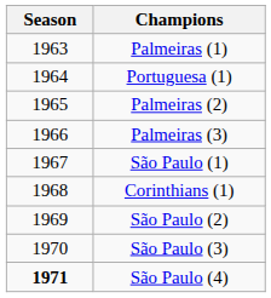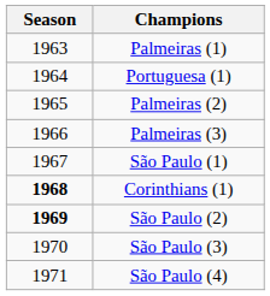 <table class="wikitable" style="text-align:center; margin-left:1em;">
 <tr>
 <th style="width:70px">Season</th>
 <th style="width:145px">Champions</th>
 </tr>
 <tr>
 <td>1963</td>
 <td><a href='#'>Palmeiras</a> (1)</td>
 </tr>
 <tr>
 <td>1964</td>
 <td><a href='#'>Portuguesa</a> (1)</td>
 </tr>
 <tr>
 <td>1965</td>
 <td><a href='#'>Palmeiras</a> (2)</td>
 </tr>
 <tr>
 <td>1966</td>
 <td><a href='#'>Palmeiras</a> (3)</td>
 </tr>
 <tr>
 <td>1967</td>
 <td><a href='#'>São Paulo</a> (1)</td>
 </tr>
 <tr>
-<td>1968</td>
+<td><strong>1968</strong></td>
 <td><a href='#'>Corinthians</a> (1)</td>
 </tr>
 <tr>
-<td>1969</td>
+<td><strong>1969</strong></td>
 <td><a href='#'>São Paulo</a> (2)</td>
 </tr>
 <tr>
 <td>1970</td>
 <td><a href='#'>São Paulo</a>  (3)</td>
 </tr>
 <tr>
-<td><strong>1971</strong></td>
+<td>1971</td>
 <td><a href='#'>São Paulo</a> (4)</td>
 </tr>
 </table>
